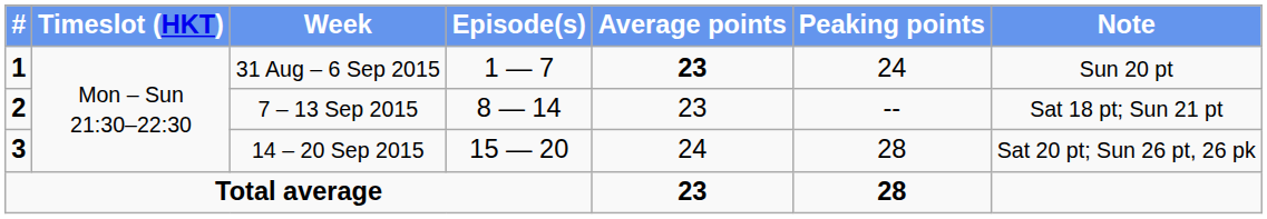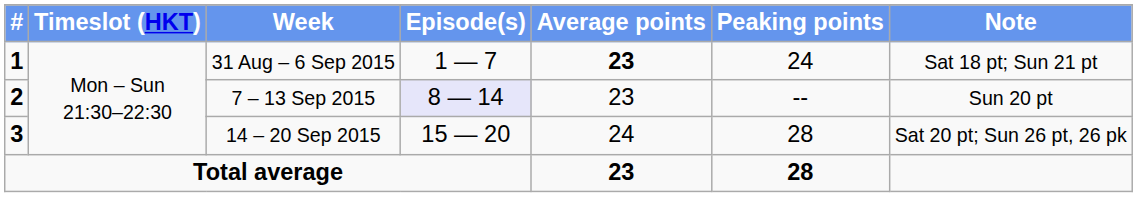 <table class="wikitable" style="text-align:center;">
 <tr style="background:cornflowerblue; color:white" align="center">
 </tr>
 <tr>
 <th style="background:cornflowerblue; color:white" align="center">#</th>
 <th style="background:cornflowerblue; color:white" align="center">Timeslot (<a href='#'>HKT</a>)</th>
 <th style="background:cornflowerblue; color:white" align="center">Week</th>
 <th style="background:cornflowerblue; color:white" align="center">Episode(s)</th>
 <th style="background:cornflowerblue; color:white" align="center">Average points</th>
 <th style="background:cornflowerblue; color:white" align="center">Peaking points</th>
 <th style="background:cornflowerblue; color:white" align="center">Note</th>
 </tr>
 <tr>
 <td><strong>1</strong></td>
 <td rowspan="3"><small>Mon – Sun<br>21:30–22:30</small></td>
 <td><small>31 Aug – 6 Sep 2015</small></td>
 <td>1 — 7</td>
 <td><strong>23</strong></td>
 <td>24</td>
-<td><small>Sun 20 pt</small></td>
+<td><small>Sat 18 pt; Sun 21 pt</small></td>
 </tr>
 <tr>
 <td><strong>2</strong></td>
 <td><small>7 – 13 Sep 2015</small></td>
-<td>8 — 14</td>
+<td style="background: lavender;">8 — 14</td>
 <td>23</td>
 <td>--</td>
-<td><small>Sat 18 pt; Sun 21 pt</small></td>
+<td><small>Sun 20 pt</small></td>
 </tr>
 <tr>
 <td><strong>3</strong></td>
 <td><small>14 – 20 Sep 2015</small></td>
 <td>15 — 20</td>
 <td>24</td>
 <td>28</td>
 <td><small>Sat 20 pt; Sun 26 pt, 26 pk</small></td>
 </tr>
 <tr>
 <td colspan="4"><strong>Total average</strong></td>
 <td><strong>23</strong></td>
 <td><strong>28</strong></td>
 <td></td>
 </tr>
 </table>
